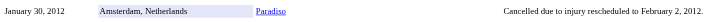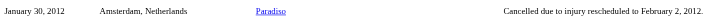 <table cellpadding="2" style="border: 0px solid darkgray; font-size:90%">
 <tr>
 <th width="150"></th>
 <th width="250"></th>
 <th width="400"></th>
 <th width="500"></th>
 </tr>
 <tr border="0">
 <td>January 30, 2012</td>
-<td style="background: lavender;">Amsterdam, Netherlands</td>
+<td>Amsterdam, Netherlands</td>
 <td><a href='#'>Paradiso</a></td>
 <td>Cancelled due to injury rescheduled to February 2, 2012.</td>
 </tr>
 <tr>
 </tr>
 </table>
